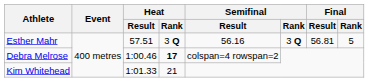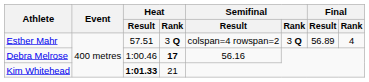 <table class=wikitable style=font-size:90%>
 <tr>
 <th rowspan=2>Athlete</th>
 <th rowspan=2>Event</th>
 <th colspan=2>Heat</th>
 <th colspan=2>Semifinal</th>
 <th colspan=2>Final</th>
 </tr>
 <tr style=font-size:95%>
 <th>Result</th>
 <th>Rank</th>
 <th>Result</th>
 <th>Rank</th>
 <th>Result</th>
 <th>Rank</th>
 </tr>
 <tr align=center>
 <td align=left><a href='#'>Esther Mahr</a></td>
 <td align=left rowspan=4>400 metres</td>
 <td>57.51</td>
 <td>3 <strong>Q</strong></td>
-<td>56.16</td>
+<td>colspan=4 rowspan=2 </td>
 <td>3 <strong>Q</strong></td>
-<td>56.81</td>
-<td>5</td>
+<td>56.89</td>
+<td>4</td>
 </tr>
 <tr align=center>
 <td align=left><a href='#'>Debra Melrose</a></td>
 <td>1:00.46</td>
 <td><strong>17</strong></td>
-<td>colspan=4 rowspan=2 </td>
+<td>56.16</td>
 </tr>
 <tr align=center>
 <td align=left><a href='#'>Kim Whitehead</a></td>
-<td>1:01.33</td>
+<td><strong>1:01.33</strong></td>
 <td>21</td>
 </tr>
 </table>
